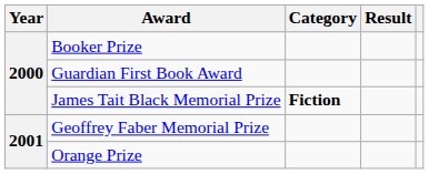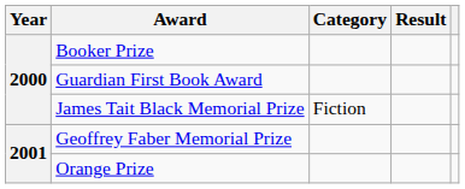 <table class="wikitable sortable">
 <tr>
 <th>Year</th>
 <th>Award</th>
 <th>Category</th>
 <th>Result</th>
 <th></th>
 </tr>
 <tr>
 <th rowspan="3">2000</th>
 <td><a href='#'>Booker Prize</a></td>
 <td></td>
 <td></td>
 <td></td>
 </tr>
 <tr>
 <td><a href='#'>Guardian First Book Award</a></td>
 <td></td>
 <td></td>
 <td></td>
 </tr>
 <tr>
 <td><a href='#'>James Tait Black Memorial Prize</a></td>
-<td><strong>Fiction</strong></td>
+<td>Fiction</td>
 <td></td>
 <td></td>
 </tr>
 <tr>
 <th rowspan="2">2001</th>
 <td><a href='#'>Geoffrey Faber Memorial Prize</a></td>
 <td></td>
 <td></td>
 <td></td>
 </tr>
 <tr>
 <td><a href='#'>Orange Prize</a></td>
 <td></td>
 <td></td>
 <td></td>
 </tr>
 </table>
